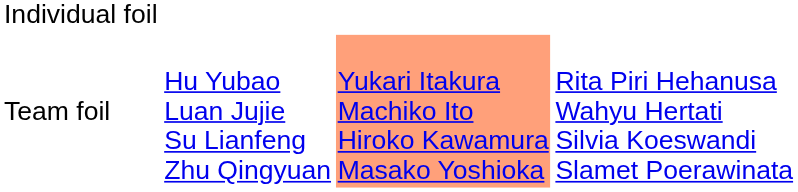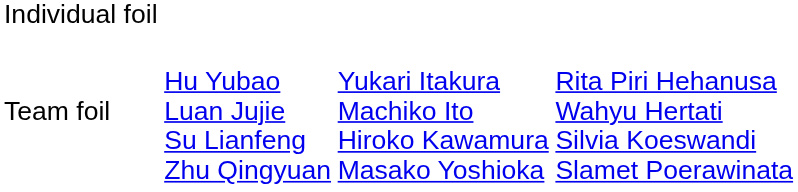 <table>
 <tr>
 <td>Individual foil<br></td>
 <td></td>
 <td></td>
 <td></td>
 </tr>
 <tr>
 <td>Team foil<br></td>
 <td><br><a href='#'>Hu Yubao</a><br><a href='#'>Luan Jujie</a><br><a href='#'>Su Lianfeng</a><br><a href='#'>Zhu Qingyuan</a></td>
-<td style="background: lightsalmon;"><br><a href='#'>Yukari Itakura</a><br><a href='#'>Machiko Ito</a><br><a href='#'>Hiroko Kawamura</a><br><a href='#'>Masako Yoshioka</a></td>
+<td><br><a href='#'>Yukari Itakura</a><br><a href='#'>Machiko Ito</a><br><a href='#'>Hiroko Kawamura</a><br><a href='#'>Masako Yoshioka</a></td>
 <td><br><a href='#'>Rita Piri Hehanusa</a><br><a href='#'>Wahyu Hertati</a><br><a href='#'>Silvia Koeswandi</a><br><a href='#'>Slamet Poerawinata</a></td>
 </tr>
 </table>
